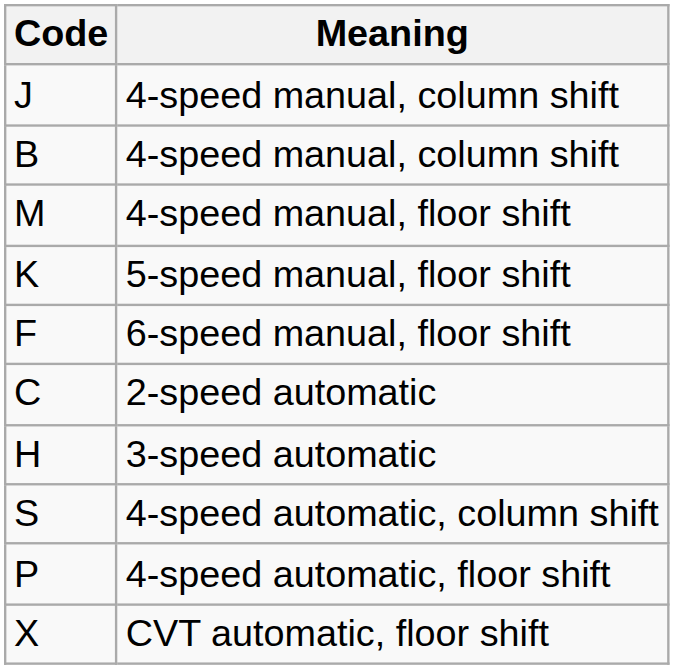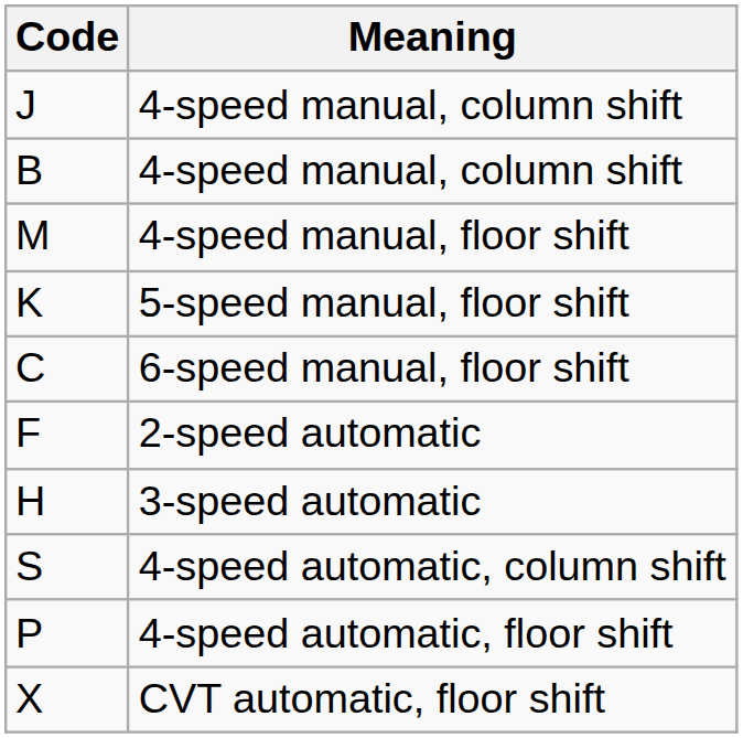 <table class="wikitable">
 <tr>
 <th>Code</th>
 <th>Meaning</th>
 </tr>
 <tr>
 <td>J</td>
 <td>4-speed manual, column shift</td>
 </tr>
 <tr>
 <td>B</td>
 <td>4-speed manual, column shift</td>
 </tr>
 <tr>
 <td>M</td>
 <td>4-speed manual, floor shift</td>
 </tr>
 <tr>
 <td>K</td>
 <td>5-speed manual, floor shift</td>
 </tr>
 <tr>
-<td>F</td>
+<td>C</td>
 <td>6-speed manual, floor shift</td>
 </tr>
 <tr>
-<td>C</td>
+<td>F</td>
 <td>2-speed automatic</td>
 </tr>
 <tr>
 <td>H</td>
 <td>3-speed automatic</td>
 </tr>
 <tr>
 <td>S</td>
 <td>4-speed automatic, column shift</td>
 </tr>
 <tr>
 <td>P</td>
 <td>4-speed automatic, floor shift</td>
 </tr>
 <tr>
 <td>X</td>
 <td>CVT automatic, floor shift</td>
 </tr>
 </table>
